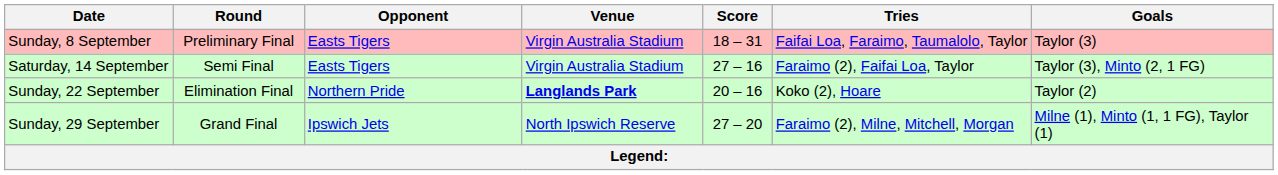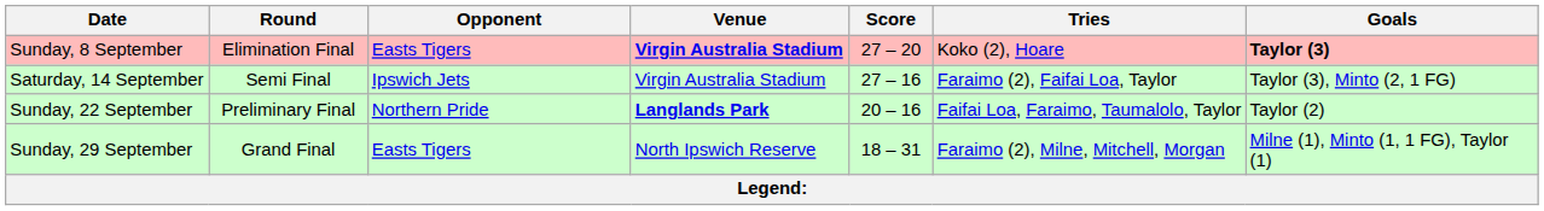 <table class="wikitable" style="font-size:75%;">
 <tr>
 <th style="width:130px;">Date</th>
 <th style="width:100px;">Round</th>
 <th style="width:170px;">Opponent</th>
 <th style="width:140px;">Venue</th>
 <th style="width:50px;">Score</th>
 <th style="width:300x;">Tries</th>
 <th style="width:190px;">Goals</th>
 </tr>
 <tr style="background:#FFBBBB">
 <td>Sunday, 8 September</td>
-<td style="text-align:center;">Preliminary Final</td>
+<td style="text-align:center;">Elimination Final</td>
 <td> <a href='#'>Easts Tigers</a></td>
-<td><a href='#'>Virgin Australia Stadium</a></td>
-<td style="text-align:center;">18 – 31</td>
-<td><a href='#'>Faifai Loa</a>, <a href='#'>Faraimo</a>, <a href='#'>Taumalolo</a>, Taylor</td>
-<td>Taylor (3)</td>
+<td><strong><a href='#'>Virgin Australia Stadium</a></strong></td>
+<td style="text-align:center;">27 – 20</td>
+<td>Koko (2), <a href='#'>Hoare</a></td>
+<td><strong>Taylor (3)</strong></td>
 </tr>
 <tr style="background:#CCFFCC">
 <td>Saturday, 14 September</td>
 <td style="text-align:center;">Semi Final</td>
-<td> <a href='#'>Easts Tigers</a></td>
+<td> <a href='#'>Ipswich Jets</a></td>
 <td><a href='#'>Virgin Australia Stadium</a></td>
 <td style="text-align:center;">27 – 16</td>
 <td><a href='#'>Faraimo</a> (2), <a href='#'>Faifai Loa</a>, Taylor</td>
 <td>Taylor (3), <a href='#'>Minto</a> (2, 1 FG)</td>
 </tr>
 <tr style="background:#CCFFCC">
 <td>Sunday, 22 September</td>
-<td style="text-align:center;">Elimination Final</td>
+<td style="text-align:center;">Preliminary Final</td>
 <td> <a href='#'>Northern Pride</a></td>
 <td><strong><a href='#'>Langlands Park</a></strong></td>
 <td style="text-align:center;">20 – 16</td>
-<td>Koko (2), <a href='#'>Hoare</a></td>
+<td><a href='#'>Faifai Loa</a>, <a href='#'>Faraimo</a>, <a href='#'>Taumalolo</a>, Taylor</td>
 <td>Taylor (2)</td>
 </tr>
 <tr style="background:#CCFFCC">
 <td>Sunday, 29 September</td>
 <td style="text-align:center;">Grand Final</td>
-<td> <a href='#'>Ipswich Jets</a></td>
+<td> <a href='#'>Easts Tigers</a></td>
 <td><a href='#'>North Ipswich Reserve</a></td>
-<td style="text-align:center;">27 – 20</td>
+<td style="text-align:center;">18 – 31</td>
 <td><a href='#'>Faraimo</a> (2), <a href='#'>Milne</a>, <a href='#'>Mitchell</a>, <a href='#'>Morgan</a></td>
 <td><a href='#'>Milne</a> (1), <a href='#'>Minto</a> (1, 1 FG), Taylor (1)</td>
 </tr>
 <tr>
 <th colspan="11"><strong>Legend</strong>:    </th>
 </tr>
 </table>
